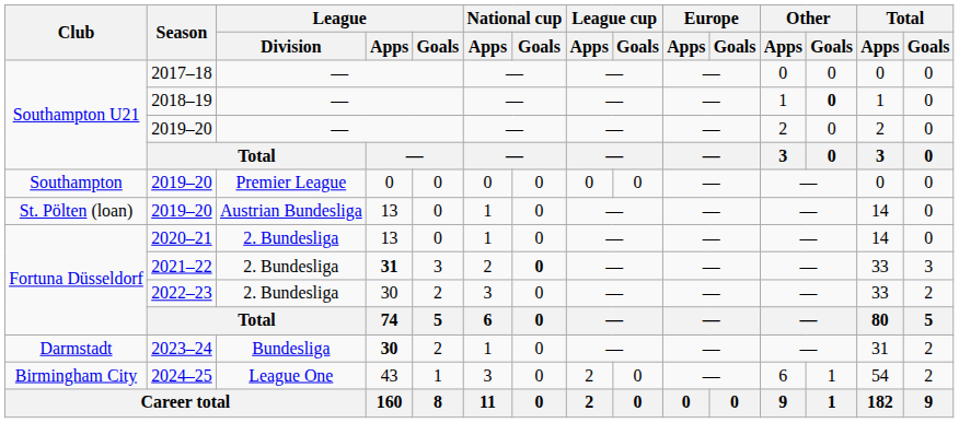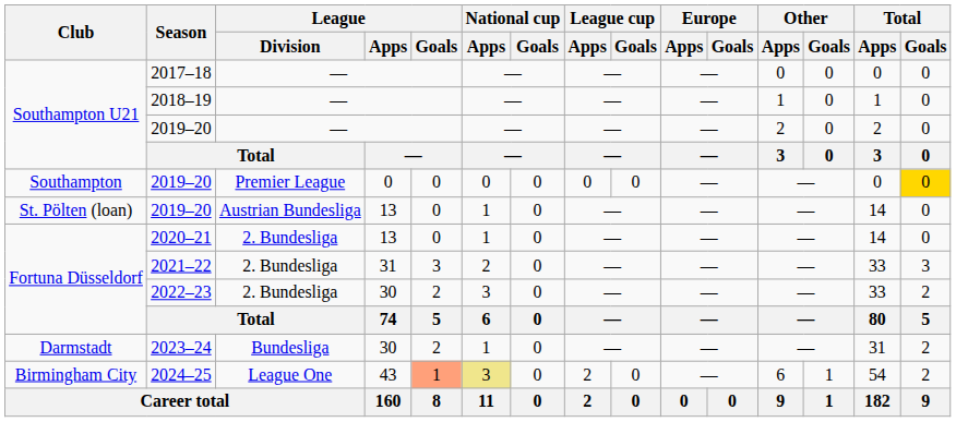 <table class="wikitable" style="text-align:center">
 <tr>
 <th rowspan="2">Club</th>
 <th rowspan="2">Season</th>
 <th colspan="3">League</th>
 <th colspan="2">National cup</th>
 <th colspan="2">League cup</th>
 <th colspan="2">Europe</th>
 <th colspan="2">Other</th>
 <th colspan="2">Total</th>
 </tr>
 <tr>
 <th>Division</th>
 <th>Apps</th>
 <th>Goals</th>
 <th>Apps</th>
 <th>Goals</th>
 <th>Apps</th>
 <th>Goals</th>
 <th>Apps</th>
 <th>Goals</th>
 <th>Apps</th>
 <th>Goals</th>
 <th>Apps</th>
 <th>Goals</th>
 </tr>
 <tr>
 <td rowspan="4"><a href='#'>Southampton U21</a></td>
 <td>2017–18</td>
 <td colspan="3">—</td>
 <td colspan="2">—</td>
 <td colspan="2">—</td>
 <td colspan="2">—</td>
 <td>0</td>
 <td>0</td>
 <td>0</td>
 <td>0</td>
 </tr>
 <tr>
 <td>2018–19</td>
 <td colspan="3">—</td>
 <td colspan="2">—</td>
 <td colspan="2">—</td>
 <td colspan="2">—</td>
 <td>1</td>
-<td><strong>0</strong></td>
+<td>0</td>
 <td>1</td>
 <td>0</td>
 </tr>
 <tr>
 <td>2019–20</td>
 <td colspan="3">—</td>
 <td colspan="2">—</td>
 <td colspan="2">—</td>
 <td colspan="2">—</td>
 <td>2</td>
 <td>0</td>
 <td>2</td>
 <td>0</td>
 </tr>
 <tr>
 <th colspan="2">Total</th>
 <th colspan="2">—</th>
 <th colspan="2">—</th>
 <th colspan="2">—</th>
 <th colspan="2">—</th>
 <th>3</th>
 <th>0</th>
 <th>3</th>
 <th>0</th>
 </tr>
 <tr>
 <td><a href='#'>Southampton</a></td>
 <td><a href='#'>2019–20</a></td>
 <td><a href='#'>Premier League</a></td>
 <td>0</td>
 <td>0</td>
 <td>0</td>
 <td>0</td>
 <td>0</td>
 <td>0</td>
 <td colspan="2">—</td>
 <td colspan="2">—</td>
 <td>0</td>
-<td>0</td>
+<td style="background: gold;">0</td>
 </tr>
 <tr>
 <td><a href='#'>St. Pölten</a> (loan)</td>
 <td><a href='#'>2019–20</a></td>
 <td><a href='#'>Austrian Bundesliga</a></td>
 <td>13</td>
 <td>0</td>
 <td>1</td>
 <td>0</td>
 <td colspan="2">—</td>
 <td colspan="2">—</td>
 <td colspan="2">—</td>
 <td>14</td>
 <td>0</td>
 </tr>
 <tr>
 <td rowspan="4"><a href='#'>Fortuna Düsseldorf</a></td>
 <td><a href='#'>2020–21</a></td>
 <td><a href='#'>2. Bundesliga</a></td>
 <td>13</td>
 <td>0</td>
 <td>1</td>
 <td>0</td>
 <td colspan="2">—</td>
 <td colspan="2">—</td>
 <td colspan="2">—</td>
 <td>14</td>
 <td>0</td>
 </tr>
 <tr>
 <td><a href='#'>2021–22</a></td>
 <td>2. Bundesliga</td>
-<td><strong>31</strong></td>
+<td>31</td>
 <td>3</td>
 <td>2</td>
-<td><strong>0</strong></td>
+<td>0</td>
 <td colspan="2">—</td>
 <td colspan="2">—</td>
 <td colspan="2">—</td>
 <td>33</td>
 <td>3</td>
 </tr>
 <tr>
 <td><a href='#'>2022–23</a></td>
 <td>2. Bundesliga</td>
 <td>30</td>
 <td>2</td>
 <td>3</td>
 <td>0</td>
 <td colspan="2">—</td>
 <td colspan="2">—</td>
 <td colspan="2">—</td>
 <td>33</td>
 <td>2</td>
 </tr>
 <tr>
 <th colspan="2">Total</th>
 <th>74</th>
 <th>5</th>
 <th>6</th>
 <th>0</th>
 <th colspan="2">—</th>
 <th colspan="2">—</th>
 <th colspan="2">—</th>
 <th>80</th>
 <th>5</th>
 </tr>
 <tr>
 <td><a href='#'>Darmstadt</a></td>
 <td><a href='#'>2023–24</a></td>
 <td><a href='#'>Bundesliga</a></td>
-<td><strong>30</strong></td>
+<td>30</td>
 <td>2</td>
 <td>1</td>
 <td>0</td>
 <td colspan="2">—</td>
 <td colspan="2">—</td>
 <td colspan="2">—</td>
 <td>31</td>
 <td>2</td>
 </tr>
 <tr>
 <td><a href='#'>Birmingham City</a></td>
 <td><a href='#'>2024–25</a></td>
 <td><a href='#'>League One</a></td>
 <td>43</td>
-<td>1</td>
-<td>3</td>
+<td style="background: lightsalmon;">1</td>
+<td style="background: khaki;">3</td>
 <td>0</td>
 <td>2</td>
 <td>0</td>
 <td colspan="2">—</td>
 <td>6</td>
 <td>1</td>
 <td>54</td>
 <td>2</td>
 </tr>
 <tr>
 <th colspan="3">Career total</th>
 <th>160</th>
 <th>8</th>
 <th>11</th>
 <th>0</th>
 <th>2</th>
 <th>0</th>
 <th>0</th>
 <th>0</th>
 <th>9</th>
 <th>1</th>
 <th>182</th>
 <th>9</th>
 </tr>
 </table>
